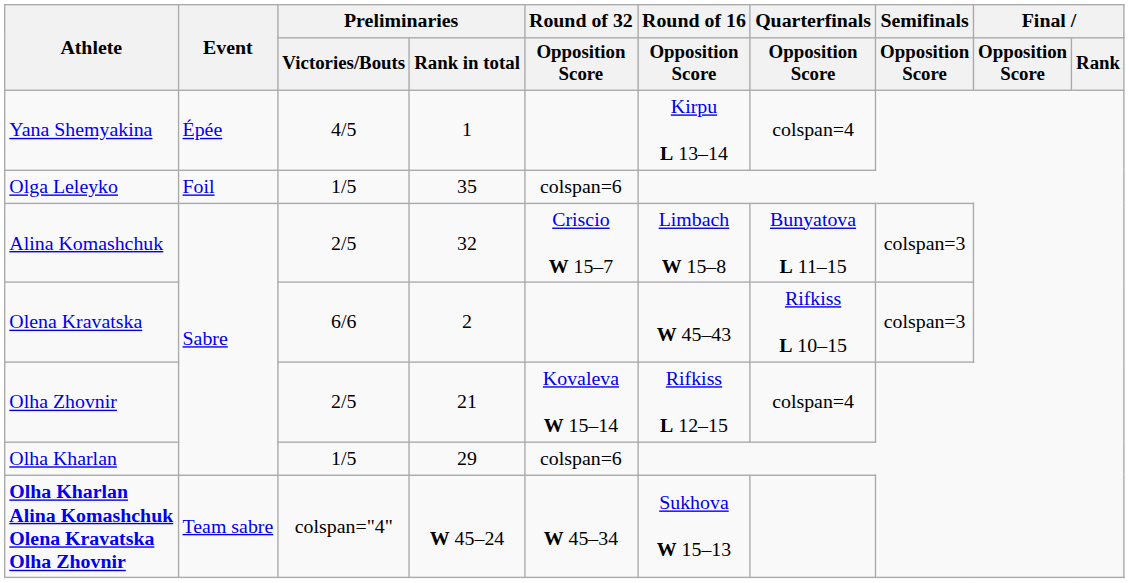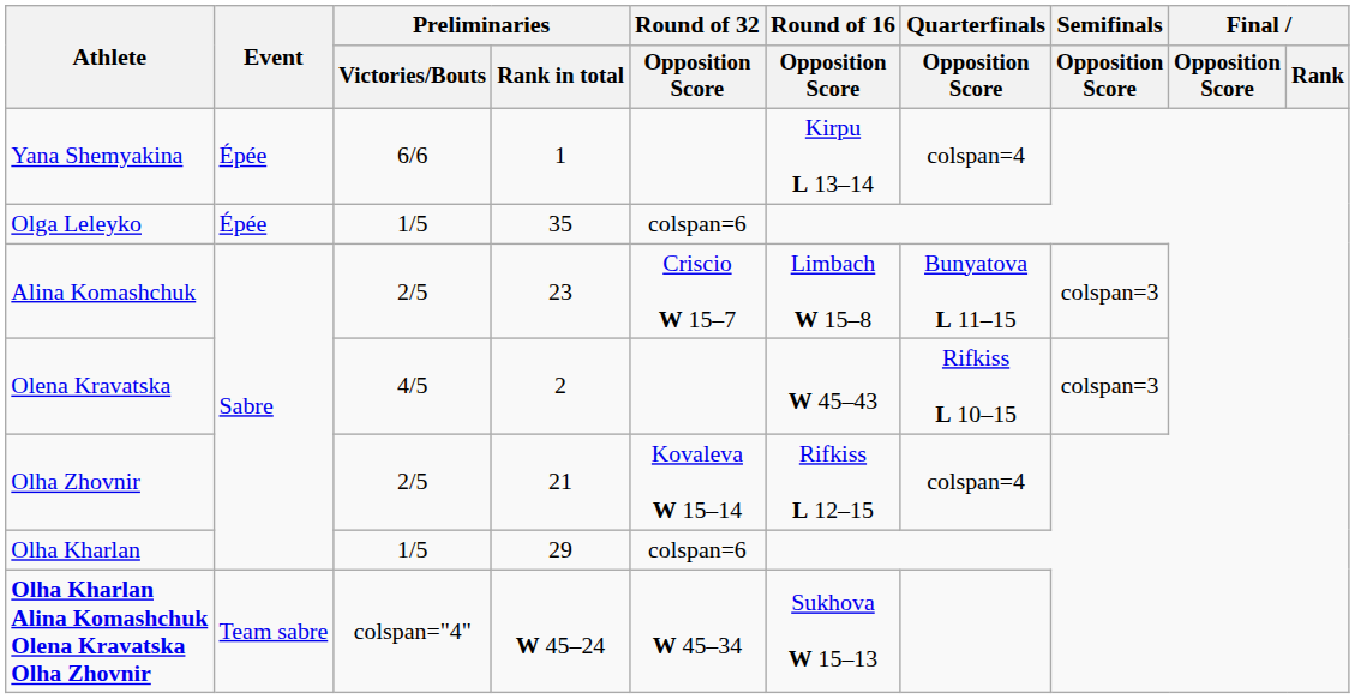 <table class="wikitable" style="font-size:90%">
 <tr>
 <th rowspan=2>Athlete</th>
 <th rowspan=2>Event</th>
 <th colspan=2>Preliminaries</th>
 <th>Round of 32</th>
 <th>Round of 16</th>
 <th>Quarterfinals</th>
 <th>Semifinals</th>
 <th colspan=2>Final / </th>
 </tr>
 <tr style="font-size:95%">
 <th>Victories/Bouts</th>
 <th>Rank in total</th>
 <th>Opposition<br>Score</th>
 <th>Opposition<br>Score</th>
 <th>Opposition<br>Score</th>
 <th>Opposition<br>Score</th>
 <th>Opposition<br>Score</th>
 <th>Rank</th>
 </tr>
 <tr align=center>
 <td align=left><a href='#'>Yana Shemyakina</a></td>
 <td style="text-align:left;"><a href='#'>Épée</a></td>
-<td>4/5</td>
+<td>6/6</td>
 <td>1</td>
 <td></td>
 <td><a href='#'>Kirpu</a><br><br><strong>L</strong> 13–14</td>
 <td>colspan=4 </td>
 </tr>
 <tr align=center>
 <td align=left><a href='#'>Olga Leleyko</a></td>
-<td style="text-align:left;"><a href='#'>Foil</a></td>
+<td style="text-align:left;"><a href='#'>Épée</a></td>
 <td>1/5</td>
 <td>35</td>
 <td>colspan=6 </td>
 </tr>
 <tr align=center>
 <td align=left><a href='#'>Alina Komashchuk</a></td>
 <td style="text-align:left;" rowspan="4"><a href='#'>Sabre</a></td>
 <td>2/5</td>
-<td>32</td>
+<td>23</td>
 <td><a href='#'>Criscio</a><br><br><strong>W</strong> 15–7</td>
 <td><a href='#'>Limbach</a><br><br><strong>W</strong> 15–8</td>
 <td><a href='#'>Bunyatova</a><br><br><strong>L</strong> 11–15</td>
 <td>colspan=3 </td>
 </tr>
 <tr align=center>
 <td align=left><a href='#'>Olena Kravatska</a></td>
-<td>6/6</td>
+<td>4/5</td>
 <td>2</td>
 <td></td>
 <td><br><strong>W</strong> 45–43</td>
 <td><a href='#'>Rifkiss</a><br><br><strong>L</strong> 10–15</td>
 <td>colspan=3 </td>
 </tr>
 <tr align=center>
 <td align=left><a href='#'>Olha Zhovnir</a></td>
 <td>2/5</td>
 <td>21</td>
 <td><a href='#'>Kovaleva</a><br><br><strong>W</strong> 15–14</td>
 <td><a href='#'>Rifkiss</a><br><br><strong>L</strong> 12–15</td>
 <td>colspan=4 </td>
 </tr>
 <tr align=center>
 <td align=left><a href='#'>Olha Kharlan</a></td>
 <td>1/5</td>
 <td>29</td>
 <td>colspan=6 </td>
 </tr>
 <tr align=center>
 <td align=left><strong><a href='#'>Olha Kharlan</a><br><a href='#'>Alina Komashchuk</a><br><a href='#'>Olena Kravatska</a><br><a href='#'>Olha Zhovnir</a></strong></td>
 <td style="text-align:left;" rowspan="4"><a href='#'>Team sabre</a></td>
 <td>colspan="4" </td>
 <td><br><strong>W</strong> 45–24</td>
 <td><br><strong>W</strong> 45–34</td>
 <td><a href='#'>Sukhova</a><br><br><strong>W</strong> 15–13</td>
 <td></td>
 </tr>
 </table>
